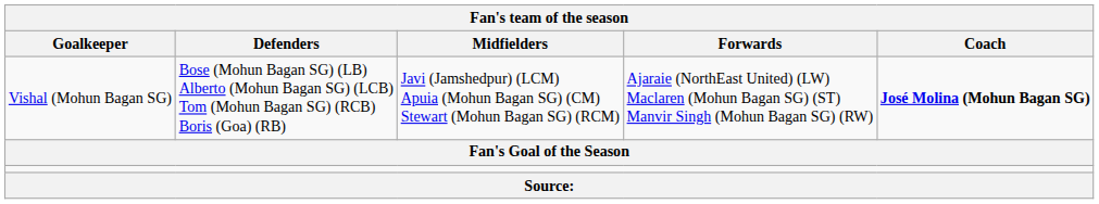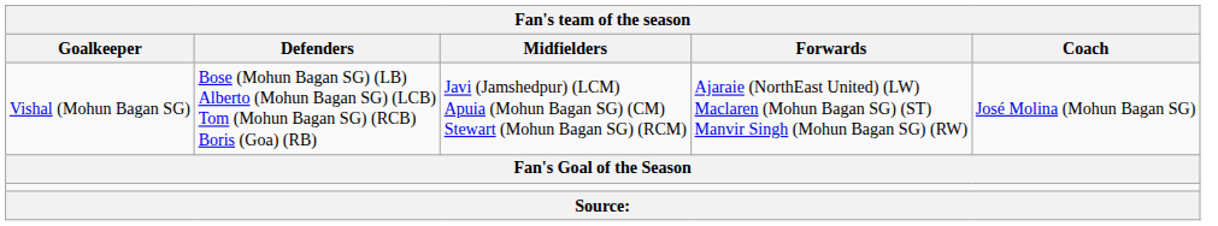 <table class="wikitable collapsible" style="text-align: left; font-size:small;">
 <tr>
 <th colspan="5">Fan's team of the season</th>
 </tr>
 <tr>
 <th>Goalkeeper</th>
 <th>Defenders</th>
 <th>Midfielders</th>
 <th>Forwards</th>
 <th>Coach</th>
 </tr>
 <tr>
 <td> <a href='#'>Vishal</a> (Mohun Bagan SG)</td>
 <td> <a href='#'>Bose</a> (Mohun Bagan SG) (LB)<br> <a href='#'>Alberto</a> (Mohun Bagan SG) (LCB)<br> <a href='#'>Tom</a> (Mohun Bagan SG) (RCB)<br> <a href='#'>Boris</a> (Goa) (RB)</td>
 <td> <a href='#'>Javi</a> (Jamshedpur) (LCM)<br> <a href='#'>Apuia</a> (Mohun Bagan SG) (CM)<br> <a href='#'>Stewart</a> (Mohun Bagan SG) (RCM)</td>
 <td> <a href='#'>Ajaraie</a> (NorthEast United) (LW)<br> <a href='#'>Maclaren</a> (Mohun Bagan SG) (ST)<br> <a href='#'>Manvir Singh</a> (Mohun Bagan SG) (RW)</td>
-<td><strong> <a href='#'>José Molina</a> (Mohun Bagan SG)</strong></td>
+<td> <a href='#'>José Molina</a> (Mohun Bagan SG)</td>
 </tr>
 <tr>
 <th colspan="5">Fan's Goal of the Season</th>
 </tr>
 <tr>
 <td colspan="5"></td>
 </tr>
 <tr>
 <th colspan="5">Source: </th>
 </tr>
 </table>
